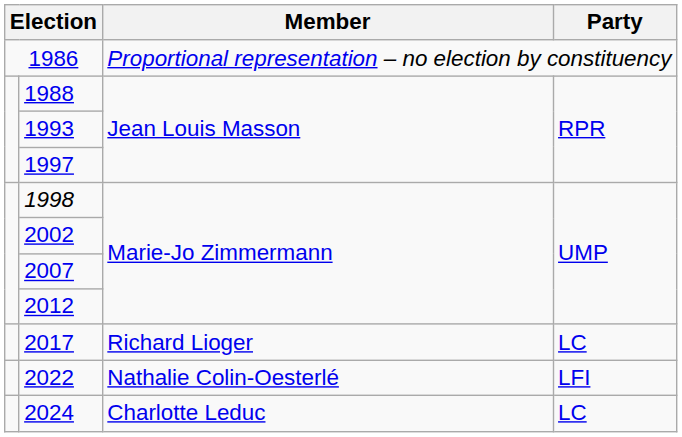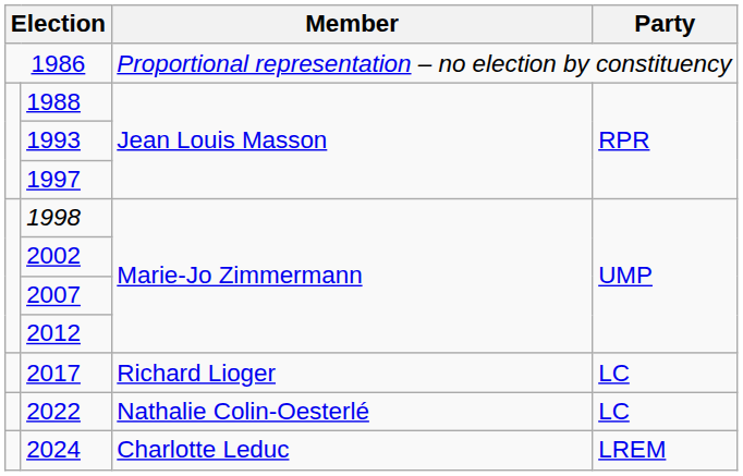 <table class="wikitable">
 <tr>
 <th colspan="2">Election</th>
 <th>Member</th>
 <th>Party</th>
 </tr>
 <tr>
 <td colspan="2" align="center"><a href='#'>1986</a></td>
 <td colspan="2"><em><a href='#'>Proportional representation</a> – no election by constituency</em></td>
 </tr>
 <tr>
 <td rowspan="3" style="color:inherit;background-color: "></td>
 <td><a href='#'>1988</a></td>
 <td rowspan="3"><a href='#'>Jean Louis Masson</a></td>
 <td rowspan="3"><a href='#'>RPR</a></td>
 </tr>
 <tr>
 <td><a href='#'>1993</a></td>
 </tr>
 <tr>
 <td><a href='#'>1997</a></td>
 </tr>
 <tr>
 <td rowspan="4" style="color:inherit;background-color: "></td>
 <td><em>1998</em></td>
 <td rowspan="4"><a href='#'>Marie-Jo Zimmermann</a></td>
 <td rowspan="4"><a href='#'>UMP</a></td>
 </tr>
 <tr>
 <td><a href='#'>2002</a></td>
 </tr>
 <tr>
 <td><a href='#'>2007</a></td>
 </tr>
 <tr>
 <td><a href='#'>2012</a></td>
 </tr>
 <tr>
 <td style="color:inherit;background-color: "></td>
 <td><a href='#'>2017</a></td>
 <td><a href='#'>Richard Lioger</a></td>
 <td><a href='#'>LC</a></td>
 </tr>
 <tr>
 <td style="color:inherit;background-color: "></td>
 <td><a href='#'>2022</a></td>
 <td><a href='#'>Nathalie Colin-Oesterlé</a></td>
-<td><a href='#'>LFI</a></td>
+<td><a href='#'>LC</a></td>
 </tr>
 <tr>
 <td style="color:inherit;background-color: "></td>
 <td><a href='#'>2024</a></td>
 <td><a href='#'>Charlotte Leduc</a></td>
-<td><a href='#'>LC</a></td>
+<td><a href='#'>LREM</a></td>
 </tr>
 </table>
